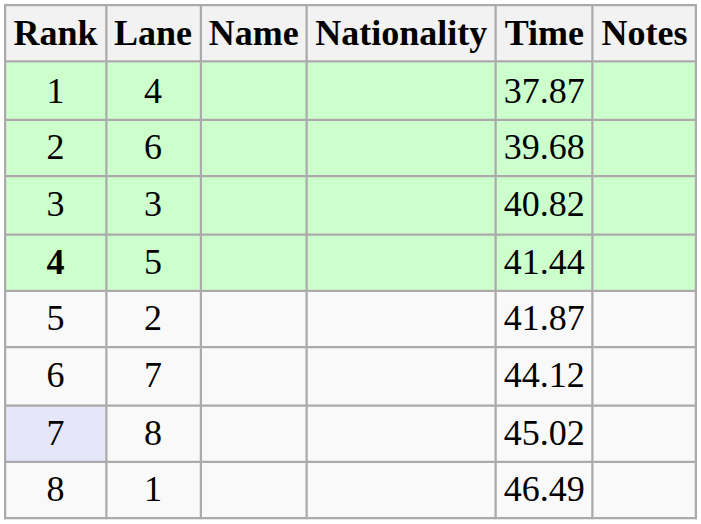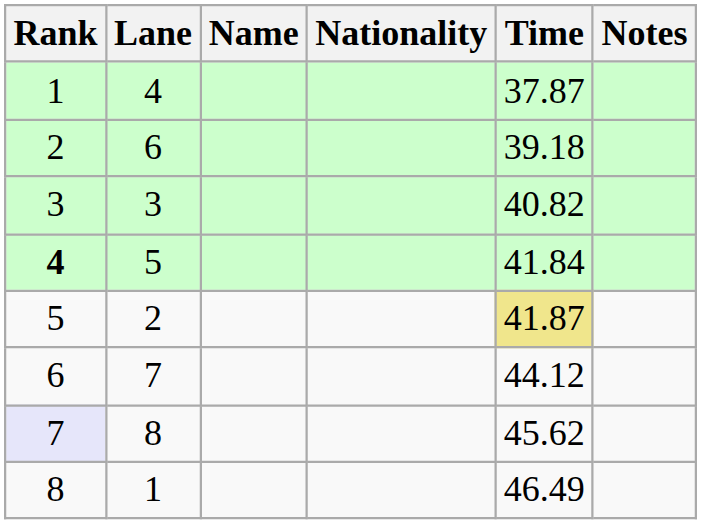 <table class="wikitable sortable" style="text-align:center">
 <tr>
 <th>Rank</th>
 <th>Lane</th>
 <th>Name</th>
 <th>Nationality</th>
 <th>Time</th>
 <th>Notes</th>
 </tr>
 <tr bgcolor=ccffcc>
 <td>1</td>
 <td>4</td>
 <td align=left></td>
 <td align=left></td>
 <td>37.87</td>
 <td><strong></strong></td>
 </tr>
 <tr bgcolor=ccffcc>
 <td>2</td>
 <td>6</td>
 <td align=left></td>
 <td align=left></td>
-<td>39.68</td>
+<td>39.18</td>
 <td><strong></strong></td>
 </tr>
 <tr bgcolor=ccffcc>
 <td>3</td>
 <td>3</td>
 <td align=left></td>
 <td align=left></td>
 <td>40.82</td>
 <td><strong></strong></td>
 </tr>
 <tr bgcolor=ccffcc>
 <td><strong>4</strong></td>
 <td>5</td>
 <td align=left></td>
 <td align=left></td>
-<td>41.44</td>
+<td>41.84</td>
 <td><strong></strong></td>
 </tr>
 <tr>
 <td>5</td>
 <td>2</td>
 <td align=left></td>
 <td align=left></td>
-<td>41.87</td>
+<td style="background: khaki;">41.87</td>
 <td></td>
 </tr>
 <tr>
 <td>6</td>
 <td>7</td>
 <td align=left></td>
 <td align=left></td>
 <td>44.12</td>
 <td></td>
 </tr>
 <tr>
 <td style="background: lavender;">7</td>
 <td>8</td>
 <td align=left></td>
 <td align=left></td>
-<td>45.02</td>
+<td>45.62</td>
 <td></td>
 </tr>
 <tr>
 <td>8</td>
 <td>1</td>
 <td align=left></td>
 <td align=left></td>
 <td>46.49</td>
 <td></td>
 </tr>
 </table>
